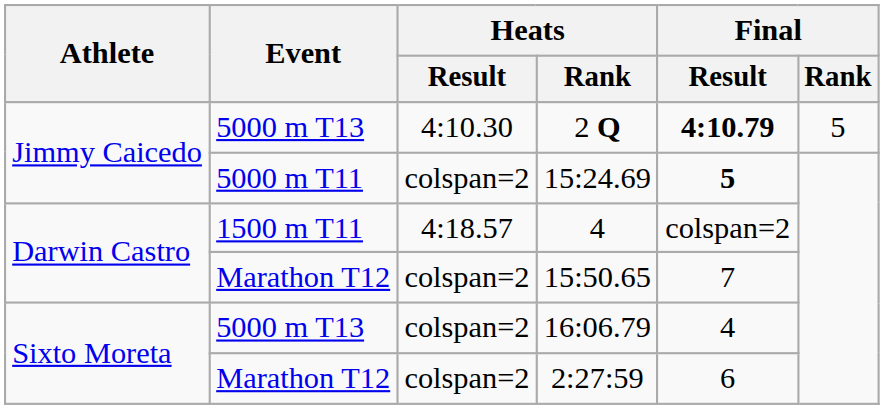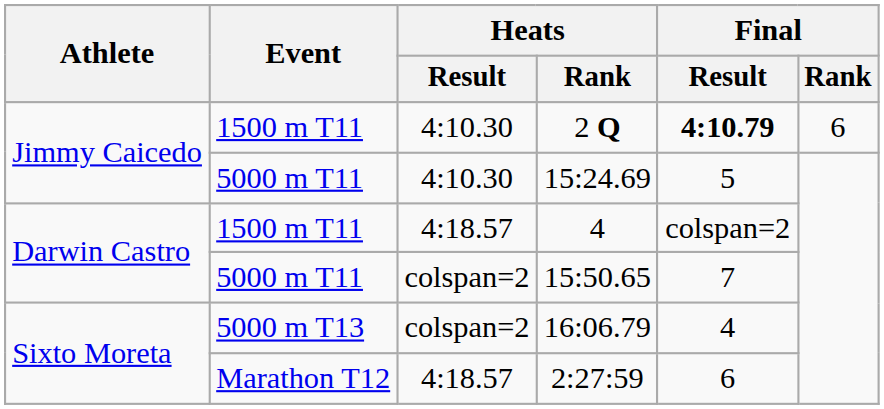 <table class=wikitable style=font-size:90%;text-align:center>
 <tr>
 <th rowspan=2>Athlete</th>
 <th rowspan=2>Event</th>
 <th colspan=2>Heats</th>
 <th colspan=2>Final</th>
 </tr>
 <tr style=font-size:95%>
 <th>Result</th>
 <th>Rank</th>
 <th>Result</th>
 <th>Rank</th>
 </tr>
 <tr style="text-align:center">
 <td align=left rowspan=2><a href='#'>Jimmy Caicedo</a></td>
-<td align=left><a href='#'>5000 m T13</a></td>
+<td align=left><a href='#'>1500 m T11</a></td>
 <td>4:10.30</td>
 <td>2 <strong>Q</strong></td>
 <td><strong>4:10.79</strong></td>
-<td>5</td>
+<td>6</td>
 </tr>
 <tr style="text-align:center">
 <td align=left><a href='#'>5000 m T11</a></td>
-<td>colspan=2 </td>
+<td>4:10.30</td>
 <td>15:24.69</td>
-<td><strong>5</strong></td>
+<td>5</td>
 </tr>
 <tr style="text-align:center">
 <td align=left rowspan=2><a href='#'>Darwin Castro</a></td>
 <td align=left><a href='#'>1500 m T11</a></td>
 <td>4:18.57</td>
 <td>4</td>
 <td>colspan=2 </td>
 </tr>
 <tr style="text-align:center">
-<td align=left><a href='#'>Marathon T12</a></td>
+<td align=left><a href='#'>5000 m T11</a></td>
 <td>colspan=2 </td>
 <td>15:50.65</td>
 <td>7</td>
 </tr>
 <tr style="text-align:center">
 <td align=left rowspan=2><a href='#'>Sixto Moreta</a></td>
 <td align=left><a href='#'>5000 m T13</a></td>
 <td>colspan=2 </td>
 <td>16:06.79</td>
 <td>4</td>
 </tr>
 <tr>
 <td align=left><a href='#'>Marathon T12</a></td>
-<td>colspan=2 </td>
+<td>4:18.57</td>
 <td>2:27:59</td>
 <td>6</td>
 </tr>
 </table>
